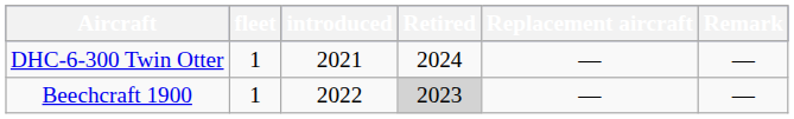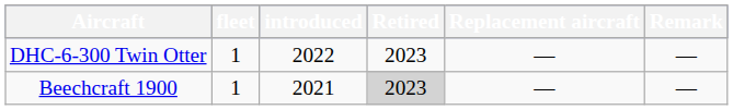 <table class="wikitable toccolours" border="1" cellpadding="2" style="margin:1em auto; border-collapse:collapse;text-align:center;">
 <tr - style="background:#101d5f; color:white;">
 <th>Aircraft</th>
 <th>fleet</th>
 <th>introduced</th>
 <th>Retired</th>
 <th>Replacement aircraft</th>
 <th>Remark</th>
 </tr>
 <tr>
 <td><a href='#'>DHC-6-300 Twin Otter</a></td>
 <td>1</td>
-<td>2021</td>
-<td>2024</td>
+<td>2022</td>
+<td>2023</td>
 <td>—</td>
 <td>—</td>
 </tr>
 <tr>
 <td><a href='#'>Beechcraft 1900</a></td>
 <td>1</td>
-<td>2022</td>
+<td>2021</td>
 <td style="background: lightgrey;">2023</td>
 <td>—</td>
 <td>—</td>
 </tr>
 </table>
